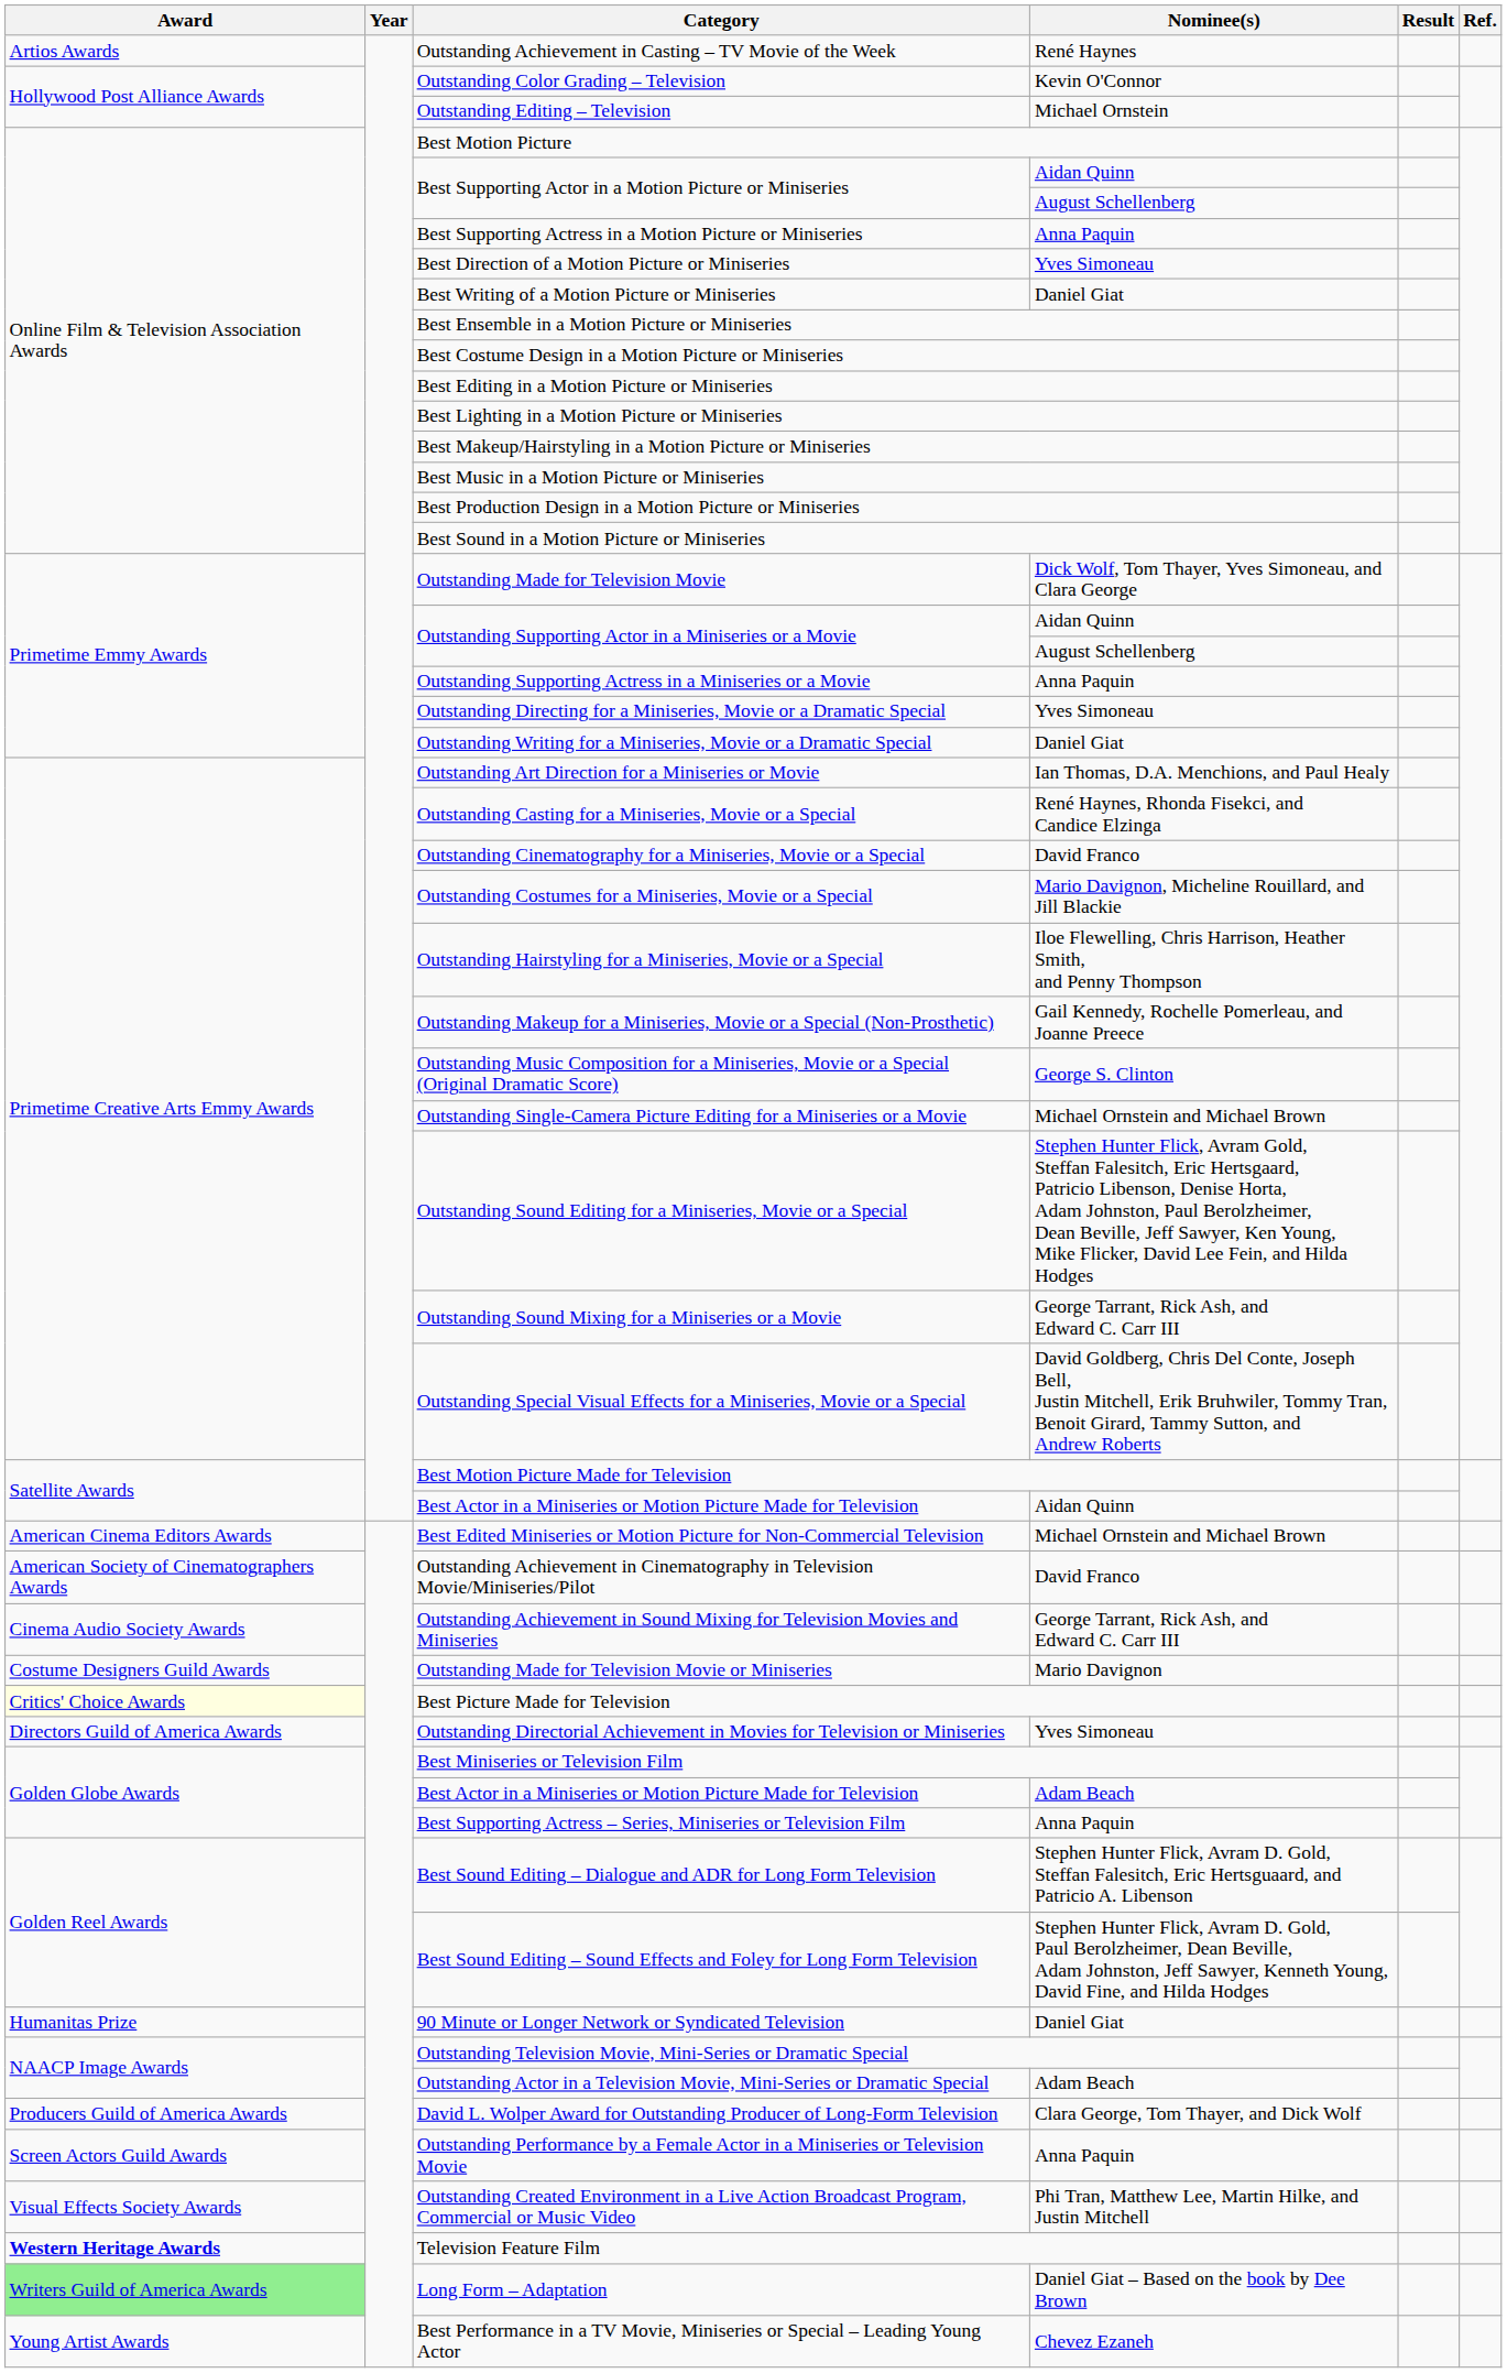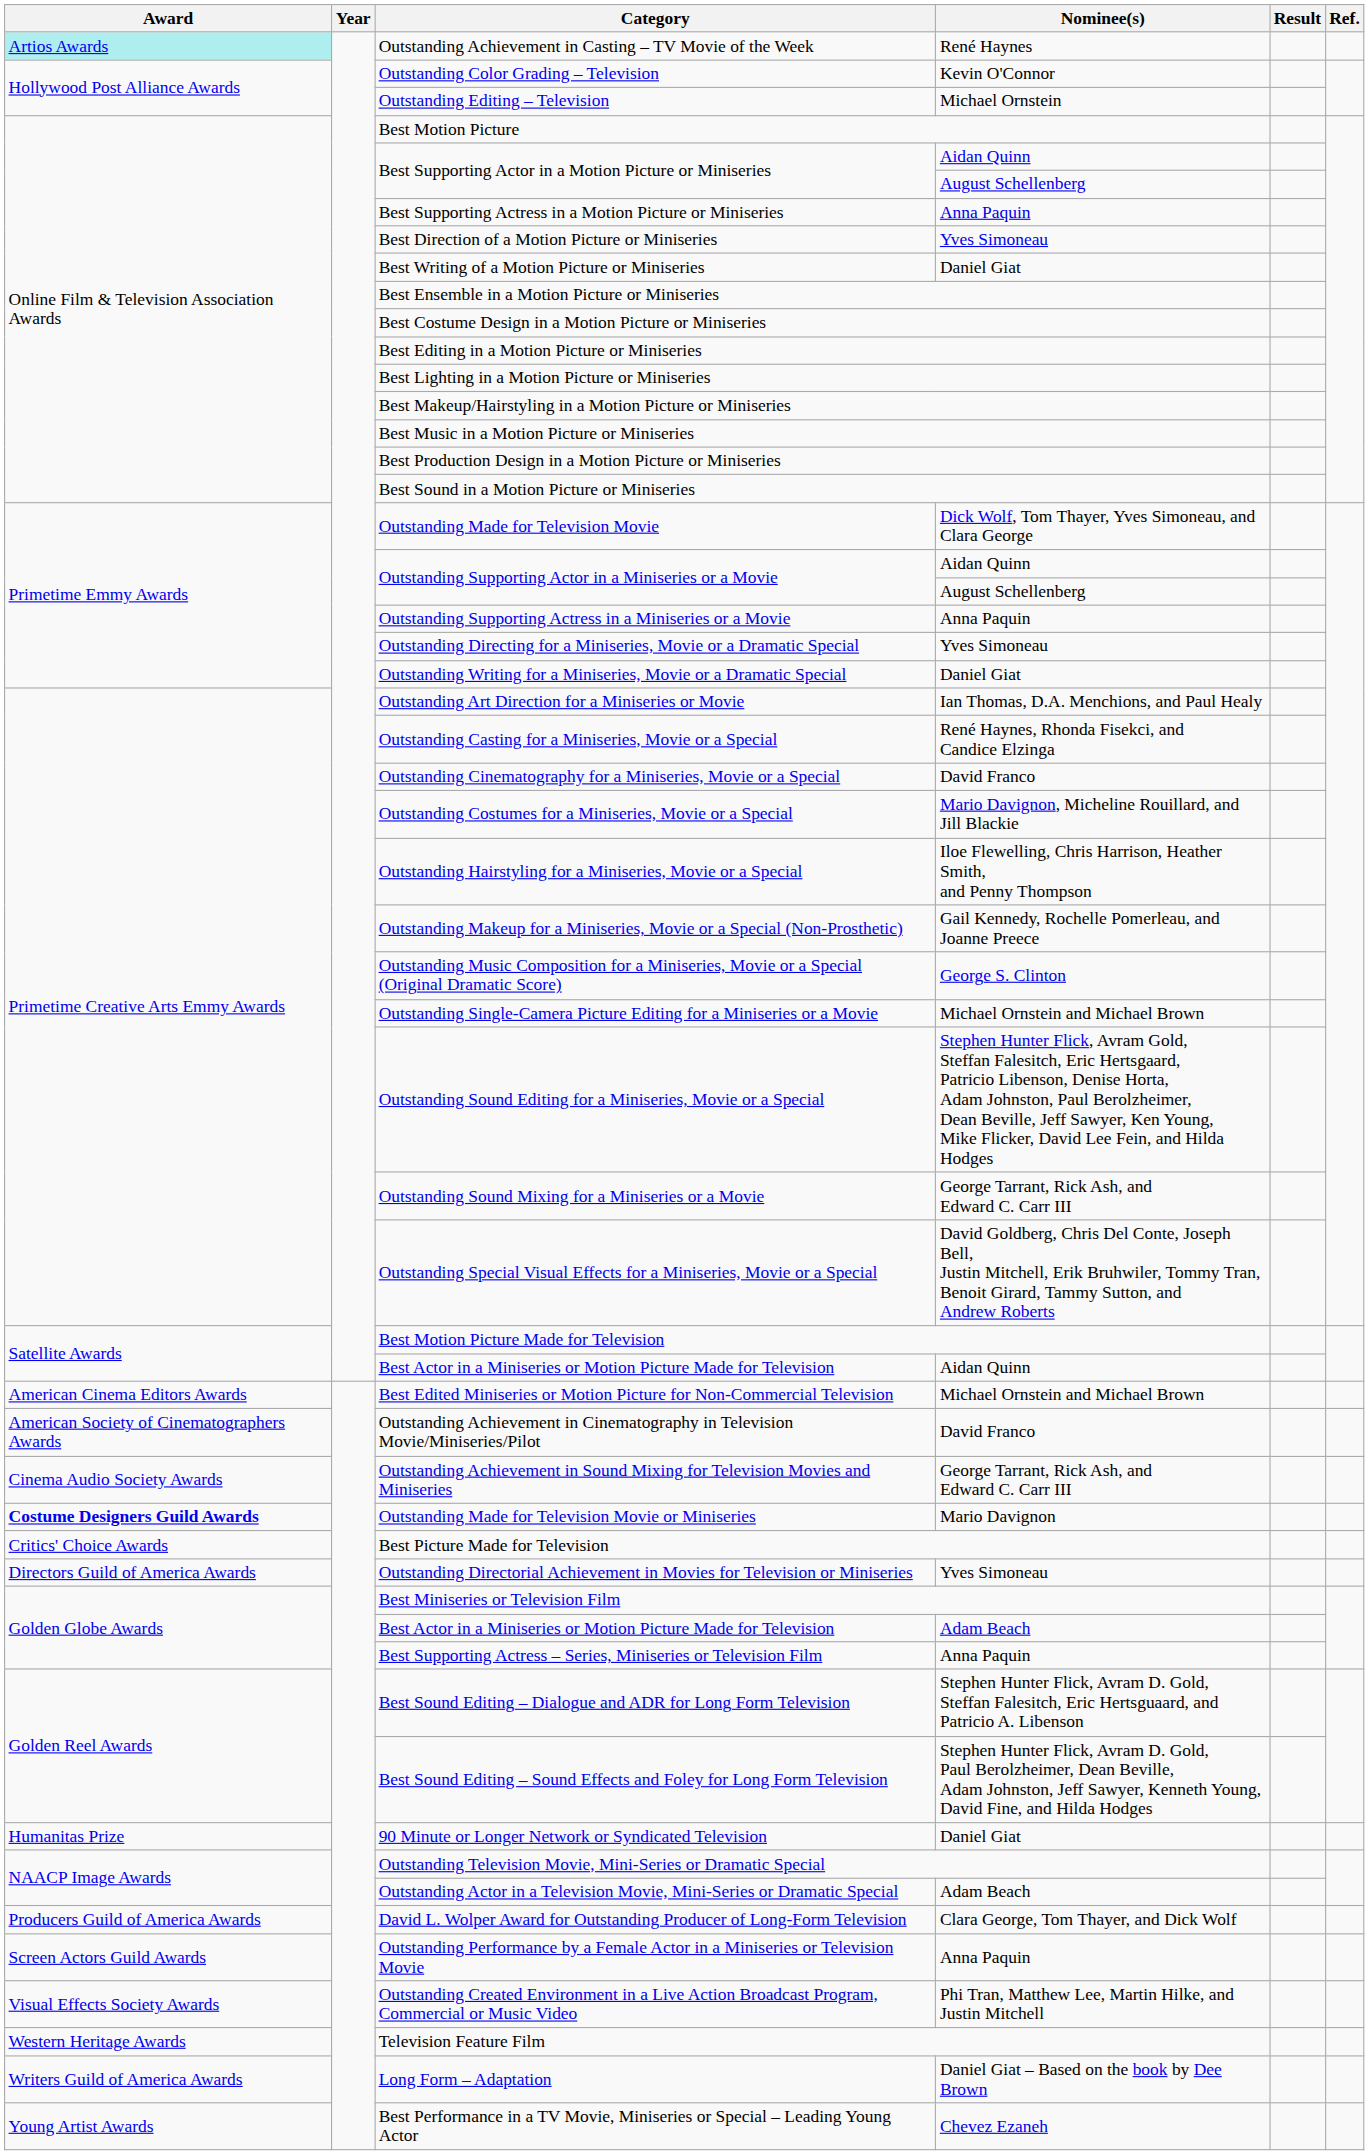 <table class="wikitable sortable">
 <tr>
 <th>Award</th>
 <th>Year</th>
 <th>Category</th>
 <th>Nominee(s)</th>
 <th>Result</th>
 <th>Ref.</th>
 </tr>
 <tr>
-<td><a href='#'>Artios Awards</a></td>
+<td style="background: paleturquoise;"><a href='#'>Artios Awards</a></td>
 <td rowspan="36"></td>
 <td>Outstanding Achievement in Casting – TV Movie of the Week</td>
 <td>René Haynes</td>
 <td></td>
 <td align="center"></td>
 </tr>
 <tr>
 <td rowspan="2"><a href='#'>Hollywood Post Alliance Awards</a></td>
 <td><a href='#'>Outstanding Color Grading – Television</a></td>
 <td>Kevin O'Connor</td>
 <td></td>
 <td rowspan="2" align="center"></td>
 </tr>
 <tr>
 <td><a href='#'>Outstanding Editing – Television</a></td>
 <td>Michael Ornstein</td>
 <td></td>
 </tr>
 <tr>
 <td rowspan="14">Online Film & Television Association Awards</td>
 <td colspan="2">Best Motion Picture</td>
 <td></td>
 <td rowspan="14" align="center"></td>
 </tr>
 <tr>
 <td rowspan="2">Best Supporting Actor in a Motion Picture or Miniseries</td>
 <td><a href='#'>Aidan Quinn</a></td>
 <td></td>
 </tr>
 <tr>
 <td><a href='#'>August Schellenberg</a></td>
 <td></td>
 </tr>
 <tr>
 <td>Best Supporting Actress in a Motion Picture or Miniseries</td>
 <td><a href='#'>Anna Paquin</a></td>
 <td></td>
 </tr>
 <tr>
 <td>Best Direction of a Motion Picture or Miniseries</td>
 <td><a href='#'>Yves Simoneau</a></td>
 <td></td>
 </tr>
 <tr>
 <td>Best Writing of a Motion Picture or Miniseries</td>
 <td>Daniel Giat</td>
 <td></td>
 </tr>
 <tr>
 <td colspan="2">Best Ensemble in a Motion Picture or Miniseries</td>
 <td></td>
 </tr>
 <tr>
 <td colspan="2">Best Costume Design in a Motion Picture or Miniseries</td>
 <td></td>
 </tr>
 <tr>
 <td colspan="2">Best Editing in a Motion Picture or Miniseries</td>
 <td></td>
 </tr>
 <tr>
 <td colspan="2">Best Lighting in a Motion Picture or Miniseries</td>
 <td></td>
 </tr>
 <tr>
 <td colspan="2">Best Makeup/Hairstyling in a Motion Picture or Miniseries</td>
 <td></td>
 </tr>
 <tr>
 <td colspan="2">Best Music in a Motion Picture or Miniseries</td>
 <td></td>
 </tr>
 <tr>
 <td colspan="2">Best Production Design in a Motion Picture or Miniseries</td>
 <td></td>
 </tr>
 <tr>
 <td colspan="2">Best Sound in a Motion Picture or Miniseries</td>
 <td></td>
 </tr>
 <tr>
 <td rowspan="6"><a href='#'>Primetime Emmy Awards</a></td>
 <td><a href='#'>Outstanding Made for Television Movie</a></td>
 <td><a href='#'>Dick Wolf</a>, Tom Thayer, Yves Simoneau, and <br> Clara George</td>
 <td></td>
 <td rowspan="17" align="center"></td>
 </tr>
 <tr>
 <td rowspan="2"><a href='#'>Outstanding Supporting Actor in a Miniseries or a Movie</a></td>
 <td>Aidan Quinn</td>
 <td></td>
 </tr>
 <tr>
 <td>August Schellenberg</td>
 <td></td>
 </tr>
 <tr>
 <td><a href='#'>Outstanding Supporting Actress in a Miniseries or a Movie</a></td>
 <td>Anna Paquin</td>
 <td></td>
 </tr>
 <tr>
 <td><a href='#'>Outstanding Directing for a Miniseries, Movie or a Dramatic Special</a></td>
 <td>Yves Simoneau</td>
 <td></td>
 </tr>
 <tr>
 <td><a href='#'>Outstanding Writing for a Miniseries, Movie or a Dramatic Special</a></td>
 <td>Daniel Giat</td>
 <td></td>
 </tr>
 <tr>
 <td rowspan="11"><a href='#'>Primetime Creative Arts Emmy Awards</a></td>
 <td><a href='#'>Outstanding Art Direction for a Miniseries or Movie</a></td>
 <td>Ian Thomas, D.A. Menchions, and Paul Healy</td>
 <td></td>
 </tr>
 <tr>
 <td><a href='#'>Outstanding Casting for a Miniseries, Movie or a Special</a></td>
 <td>René Haynes, Rhonda Fisekci, and <br> Candice Elzinga</td>
 <td></td>
 </tr>
 <tr>
 <td><a href='#'>Outstanding Cinematography for a Miniseries, Movie or a Special</a></td>
 <td>David Franco</td>
 <td></td>
 </tr>
 <tr>
 <td><a href='#'>Outstanding Costumes for a Miniseries, Movie or a Special</a></td>
 <td><a href='#'>Mario Davignon</a>, Micheline Rouillard, and <br> Jill Blackie</td>
 <td></td>
 </tr>
 <tr>
 <td><a href='#'>Outstanding Hairstyling for a Miniseries, Movie or a Special</a></td>
 <td>Iloe Flewelling, Chris Harrison, Heather Smith, <br> and Penny Thompson</td>
 <td></td>
 </tr>
 <tr>
 <td><a href='#'>Outstanding Makeup for a Miniseries, Movie or a Special (Non-Prosthetic)</a></td>
 <td>Gail Kennedy, Rochelle Pomerleau, and <br> Joanne Preece</td>
 <td></td>
 </tr>
 <tr>
 <td><a href='#'>Outstanding Music Composition for a Miniseries, Movie or a Special <br> (Original Dramatic Score)</a></td>
 <td><a href='#'>George S. Clinton</a></td>
 <td></td>
 </tr>
 <tr>
 <td><a href='#'>Outstanding Single-Camera Picture Editing for a Miniseries or a Movie</a></td>
 <td>Michael Ornstein and Michael Brown</td>
 <td></td>
 </tr>
 <tr>
 <td><a href='#'>Outstanding Sound Editing for a Miniseries, Movie or a Special</a></td>
 <td><a href='#'>Stephen Hunter Flick</a>, Avram Gold, <br> Steffan Falesitch, Eric Hertsgaard, <br> Patricio Libenson, Denise Horta, <br> Adam Johnston, Paul Berolzheimer, <br> Dean Beville, Jeff Sawyer, Ken Young, <br> Mike Flicker, David Lee Fein, and Hilda Hodges</td>
 <td></td>
 </tr>
 <tr>
 <td><a href='#'>Outstanding Sound Mixing for a Miniseries or a Movie</a></td>
 <td>George Tarrant, Rick Ash, and <br> Edward C. Carr III</td>
 <td></td>
 </tr>
 <tr>
 <td><a href='#'>Outstanding Special Visual Effects for a Miniseries, Movie or a Special</a></td>
 <td>David Goldberg, Chris Del Conte, Joseph Bell, <br> Justin Mitchell, Erik Bruhwiler, Tommy Tran, <br> Benoit Girard, Tammy Sutton, and <br> <a href='#'>Andrew Roberts</a></td>
 <td></td>
 </tr>
 <tr>
 <td rowspan="2"><a href='#'>Satellite Awards</a></td>
 <td colspan="2"><a href='#'>Best Motion Picture Made for Television</a></td>
 <td></td>
 <td rowspan="2" align="center"></td>
 </tr>
 <tr>
 <td><a href='#'>Best Actor in a Miniseries or Motion Picture Made for Television</a></td>
 <td>Aidan Quinn</td>
 <td></td>
 </tr>
 <tr>
 <td><a href='#'>American Cinema Editors Awards</a></td>
 <td rowspan="20"></td>
 <td><a href='#'>Best Edited Miniseries or Motion Picture for Non-Commercial Television</a></td>
 <td>Michael Ornstein and Michael Brown</td>
 <td></td>
 <td align="center"></td>
 </tr>
 <tr>
 <td><a href='#'>American Society of Cinematographers Awards</a></td>
 <td>Outstanding Achievement in Cinematography in Television Movie/Miniseries/Pilot</td>
 <td>David Franco</td>
 <td></td>
 <td align="center"></td>
 </tr>
 <tr>
 <td><a href='#'>Cinema Audio Society Awards</a></td>
 <td><a href='#'>Outstanding Achievement in Sound Mixing for Television Movies and Miniseries</a></td>
 <td>George Tarrant, Rick Ash, and <br> Edward C. Carr III</td>
 <td></td>
 <td align="center"></td>
 </tr>
 <tr>
-<td><a href='#'>Costume Designers Guild Awards</a></td>
+<td><strong><a href='#'>Costume Designers Guild Awards</a></strong></td>
 <td><a href='#'>Outstanding Made for Television Movie or Miniseries</a></td>
 <td>Mario Davignon</td>
 <td></td>
 <td align="center"></td>
 </tr>
 <tr>
-<td style="background: lightyellow;"><a href='#'>Critics' Choice Awards</a></td>
+<td><a href='#'>Critics' Choice Awards</a></td>
 <td colspan="2">Best Picture Made for Television</td>
 <td></td>
 <td align="center"></td>
 </tr>
 <tr>
 <td><a href='#'>Directors Guild of America Awards</a></td>
 <td><a href='#'>Outstanding Directorial Achievement in Movies for Television or Miniseries</a></td>
 <td>Yves Simoneau</td>
 <td></td>
 <td align="center"></td>
 </tr>
 <tr>
 <td rowspan="3"><a href='#'>Golden Globe Awards</a></td>
 <td colspan="2"><a href='#'>Best Miniseries or Television Film</a></td>
 <td></td>
 <td rowspan="3" align="center"></td>
 </tr>
 <tr>
 <td><a href='#'>Best Actor in a Miniseries or Motion Picture Made for Television</a></td>
 <td><a href='#'>Adam Beach</a></td>
 <td></td>
 </tr>
 <tr>
 <td><a href='#'>Best Supporting Actress – Series, Miniseries or Television Film</a></td>
 <td>Anna Paquin</td>
 <td></td>
 </tr>
 <tr>
 <td rowspan="2"><a href='#'>Golden Reel Awards</a></td>
 <td><a href='#'>Best Sound Editing – Dialogue and ADR for Long Form Television</a></td>
 <td>Stephen Hunter Flick, Avram D. Gold, <br> Steffan Falesitch, Eric Hertsguaard, and <br> Patricio A. Libenson</td>
 <td></td>
 <td rowspan="2" align="center"></td>
 </tr>
 <tr>
 <td><a href='#'>Best Sound Editing – Sound Effects and Foley for Long Form Television</a></td>
 <td>Stephen Hunter Flick, Avram D. Gold, <br> Paul Berolzheimer, Dean Beville, <br> Adam Johnston, Jeff Sawyer, Kenneth Young, <br> David Fine, and Hilda Hodges</td>
 <td></td>
 </tr>
 <tr>
 <td><a href='#'>Humanitas Prize</a></td>
 <td><a href='#'>90 Minute or Longer Network or Syndicated Television</a></td>
 <td>Daniel Giat</td>
 <td></td>
 <td align="center"></td>
 </tr>
 <tr>
 <td rowspan="2"><a href='#'>NAACP Image Awards</a></td>
 <td colspan="2"><a href='#'>Outstanding Television Movie, Mini-Series or Dramatic Special</a></td>
 <td></td>
 <td rowspan="2" align="center"></td>
 </tr>
 <tr>
 <td><a href='#'>Outstanding Actor in a Television Movie, Mini-Series or Dramatic Special</a></td>
 <td>Adam Beach</td>
 <td></td>
 </tr>
 <tr>
 <td><a href='#'>Producers Guild of America Awards</a></td>
 <td><a href='#'>David L. Wolper Award for Outstanding Producer of Long-Form Television</a></td>
 <td>Clara George, Tom Thayer, and Dick Wolf</td>
 <td></td>
 <td align="center"></td>
 </tr>
 <tr>
 <td><a href='#'>Screen Actors Guild Awards</a></td>
 <td><a href='#'>Outstanding Performance by a Female Actor in a Miniseries or Television Movie</a></td>
 <td>Anna Paquin</td>
 <td></td>
 <td align="center"></td>
 </tr>
 <tr>
 <td><a href='#'>Visual Effects Society Awards</a></td>
 <td><a href='#'>Outstanding Created Environment in a Live Action Broadcast Program, <br> Commercial or Music Video</a></td>
 <td>Phi Tran, Matthew Lee, Martin Hilke, and <br> Justin Mitchell </td>
 <td></td>
 <td align="center"></td>
 </tr>
 <tr>
-<td><strong><a href='#'>Western Heritage Awards</a></strong></td>
+<td><a href='#'>Western Heritage Awards</a></td>
 <td colspan="2">Television Feature Film</td>
 <td></td>
 <td align="center"></td>
 </tr>
 <tr>
-<td style="background: lightgreen;"><a href='#'>Writers Guild of America Awards</a></td>
+<td><a href='#'>Writers Guild of America Awards</a></td>
 <td><a href='#'>Long Form – Adaptation</a></td>
 <td>Daniel Giat – Based on the <a href='#'>book</a> by <a href='#'>Dee Brown</a></td>
 <td></td>
 <td align="center"></td>
 </tr>
 <tr>
 <td><a href='#'>Young Artist Awards</a></td>
 <td>Best Performance in a TV Movie, Miniseries or Special – Leading Young Actor</td>
 <td><a href='#'>Chevez Ezaneh</a></td>
 <td></td>
 <td align="center"></td>
 </tr>
 </table>
